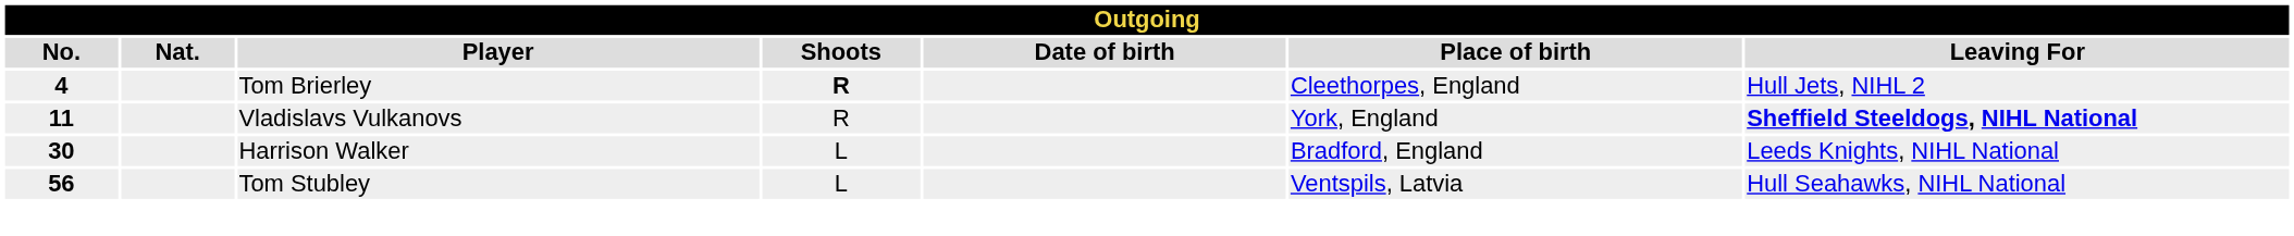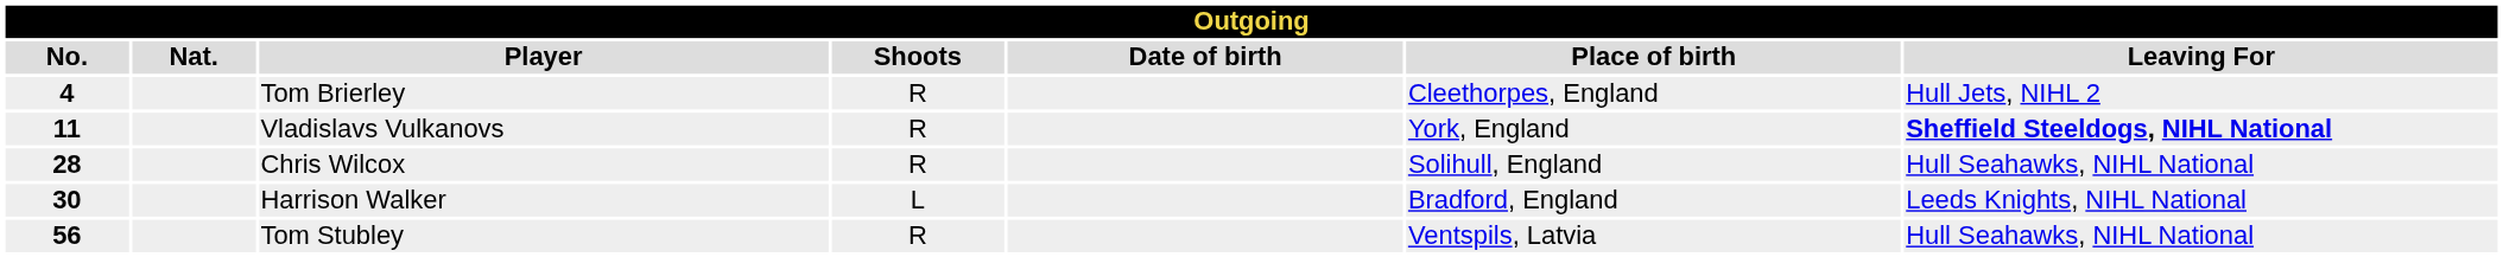 <table class="toccolours" style="width:97%; clear:both; margin:1.5em auto; text-align:center;">
 <tr>
 <th colspan="7" style="background:black; color:#f0d648;”">Outgoing</th>
 </tr>
 <tr style="background:#ddd;">
 <th width="5%">No.</th>
 <th width="5%">Nat.</th>
 <th>Player</th>
 <th width="7%">Shoots</th>
 <th width="16%">Date of birth</th>
 <th width="20%">Place of birth</th>
 <th width="24%">Leaving For</th>
 </tr>
 <tr style="background:#eee;">
 <td><strong>4</strong></td>
 <td></td>
 <td align=left>Tom Brierley</td>
-<td><strong>R</strong></td>
+<td>R</td>
 <td align=left></td>
 <td align=left><a href='#'>Cleethorpes</a>, England</td>
 <td align=left><a href='#'>Hull Jets</a>, <a href='#'>NIHL 2</a></td>
 </tr>
 <tr style="background:#eee;">
 <td><strong>11</strong></td>
 <td></td>
 <td align=left>Vladislavs Vulkanovs</td>
 <td>R</td>
 <td align=left></td>
 <td align=left><a href='#'>York</a>, England</td>
 <td align=left><strong><a href='#'>Sheffield Steeldogs</a>, <a href='#'>NIHL National</a></strong></td>
 </tr>
 <tr style="background:#eee;">
+<td><strong>28</strong></td>
+<td></td>
+<td align=left>Chris Wilcox</td>
+<td>R</td>
+<td align=left></td>
+<td align=left><a href='#'>Solihull</a>, England</td>
+<td align=left><a href='#'>Hull Seahawks</a>, <a href='#'>NIHL National</a></td>
+</tr>
+<tr style="background:#eee;">
 <td><strong>30</strong></td>
 <td></td>
 <td align=left>Harrison Walker</td>
 <td>L</td>
 <td align=left></td>
 <td align=left><a href='#'>Bradford</a>, England</td>
 <td align=left><a href='#'>Leeds Knights</a>, <a href='#'>NIHL National</a></td>
 </tr>
 <tr style="background:#eee;">
 <td><strong>56</strong></td>
 <td></td>
 <td align=left>Tom Stubley</td>
-<td>L</td>
+<td>R</td>
 <td align=left></td>
 <td align=left><a href='#'>Ventspils</a>, Latvia</td>
 <td align=left><a href='#'>Hull Seahawks</a>, <a href='#'>NIHL National</a></td>
 </tr>
 </table>
